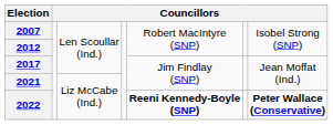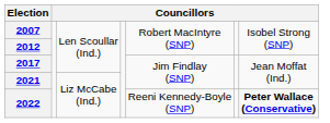 <table class="wikitable" style="text-align:center">
 <tr>
 <th>Election</th>
 <th colspan=8>Councillors</th>
 </tr>
 <tr>
 <th><a href='#'>2007</a></th>
 <td rowspan=5; style="background-color: "></td>
 <td rowspan=3>Len Scoullar<br>(Ind.)</td>
 <td rowspan=5; style="background-color: "></td>
 <td rowspan=2>Robert MacIntyre<br>(<a href='#'>SNP</a>)</td>
 <td rowspan=2; style="background-color: "></td>
 <td rowspan=2>Isobel Strong<br>(<a href='#'>SNP</a>)</td>
 </tr>
 <tr>
 <th><a href='#'>2012</a></th>
 </tr>
 <tr>
 <th><a href='#'>2017</a></th>
 <td rowspan=2>Jim Findlay<br>(<a href='#'>SNP</a>)</td>
 <td rowspan=2; style="background-color: "></td>
 <td rowspan=2>Jean Moffat<br>(Ind.)</td>
 </tr>
 <tr>
 <th><a href='#'>2021</a></th>
 <td rowspan=2>Liz McCabe<br>(Ind.)</td>
 </tr>
 <tr>
 <th><a href='#'>2022</a></th>
-<td rowspan=1><strong>Reeni Kennedy-Boyle<br>(<a href='#'>SNP</a>)</strong></td>
+<td rowspan=1>Reeni Kennedy-Boyle<br>(<a href='#'>SNP</a>)</td>
 <td rowspan=1; style="background-color: "></td>
 <td rowspan=1><strong>Peter Wallace<br>(<a href='#'>Conservative</a>)</strong></td>
 </tr>
 </table>
